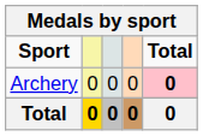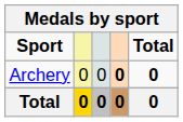 <table class="wikitable" style="font-size:85%">
 <tr style="background:#efefef;">
 <th colspan=7><strong>Medals by sport</strong></th>
 </tr>
 <tr align=center>
 <td><strong>Sport</strong></td>
 <td bgcolor=#f7f6a8></td>
 <td bgcolor=#dce5e5></td>
 <td bgcolor=#ffdab9></td>
 <td><strong>Total</strong></td>
 </tr>
 <tr align=center>
 <td><a href='#'>Archery</a></td>
 <td style="background:#F7F6A8;">0</td>
 <td style="background:#DCE5E5;">0</td>
-<td style="background:#FFDAB9;">0</td>
-<td style="background: pink;"><strong>0</strong></td>
+<td style="background:#FFDAB9;"><strong>0</strong></td>
+<td><strong>0</strong></td>
 </tr>
 <tr align=center>
 </tr>
 <tr align=center>
 <th><strong>Total</strong></th>
 <th style="background:gold;"><strong>0</strong></th>
 <th style="background:silver;"><strong>0</strong></th>
 <th style="background:#c96;"><strong>0</strong></th>
 <th><strong>0</strong></th>
 </tr>
 </table>
